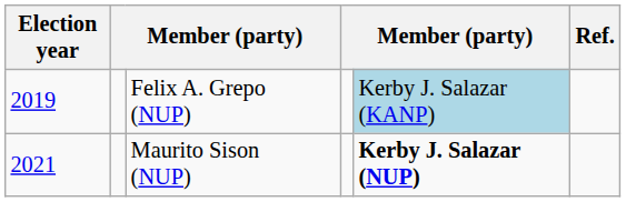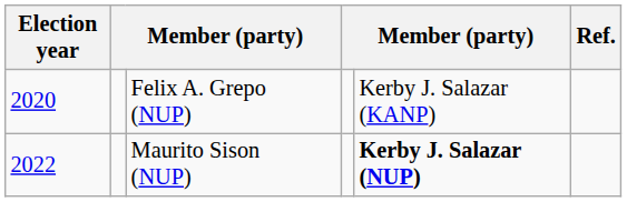 <table class="wikitable" style="font-size:90%">
 <tr>
 <th width="60px">Election<br>year</th>
 <th colspan="2" width="140px">Member (party)</th>
 <th colspan="2" width="140px">Member (party)</th>
 <th>Ref.</th>
 </tr>
 <tr>
-<td><a href='#'>2019</a></td>
+<td><a href='#'>2020</a></td>
 <td></td>
 <td>Felix A. Grepo<br>(<a href='#'>NUP</a>)</td>
 <td></td>
-<td style="background: lightblue;">Kerby J. Salazar<br>(<a href='#'>KANP</a>)</td>
+<td>Kerby J. Salazar<br>(<a href='#'>KANP</a>)</td>
 <td></td>
 </tr>
 <tr>
-<td><a href='#'>2021</a></td>
+<td><a href='#'>2022</a></td>
 <td></td>
 <td>Maurito Sison<br>(<a href='#'>NUP</a>)</td>
 <td></td>
 <td><strong>Kerby J. Salazar<br>(<a href='#'>NUP</a>)</strong></td>
 <td></td>
 </tr>
 </table>
